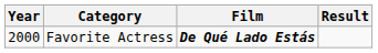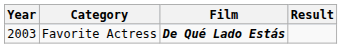 <table class="wikitable">
 <tr style="background:#b0c4de;">
 <th>Year</th>
 <th>Category</th>
 <th>Film</th>
 <th>Result</th>
 </tr>
 <tr>
-<td>2000</td>
+<td>2003</td>
 <td>Favorite Actress</td>
 <td><strong><em>De Qué Lado Estás</em></strong></td>
 <td></td>
 </tr>
 </table>
